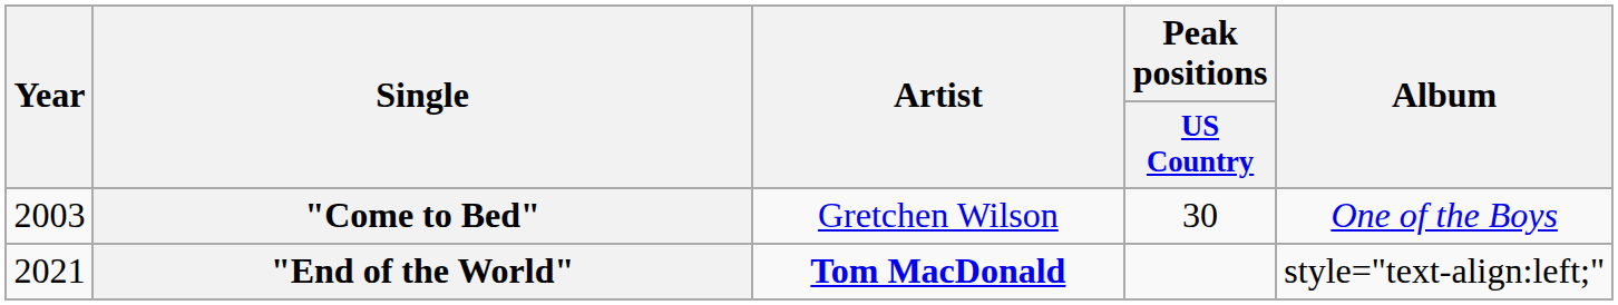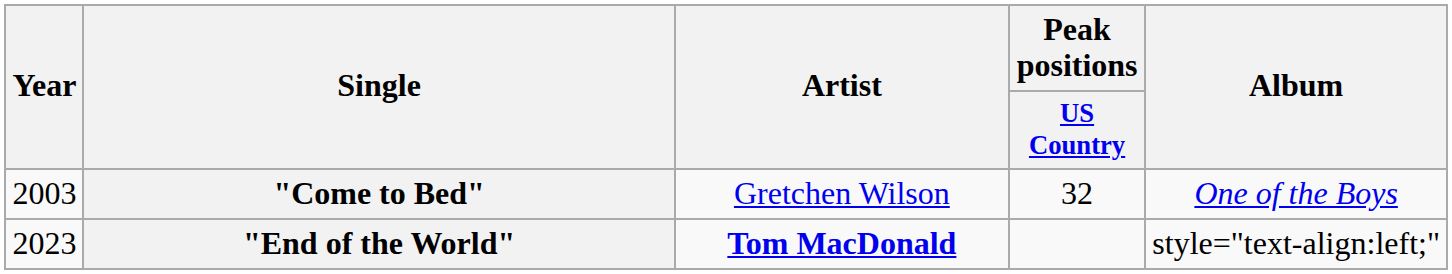 <table class="wikitable plainrowheaders" style="text-align:center;">
 <tr>
 <th rowspan="2">Year</th>
 <th rowspan="2" style="width:18em;">Single</th>
 <th rowspan="2" style="width:10em;">Artist</th>
 <th>Peak positions</th>
 <th rowspan="2">Album</th>
 </tr>
 <tr style="font-size:smaller;">
 <th style="width:40px;"><a href='#'>US Country</a></th>
 </tr>
 <tr>
 <td>2003</td>
 <th scope="row">"Come to Bed"</th>
 <td><a href='#'>Gretchen Wilson</a></td>
-<td>30</td>
+<td>32</td>
 <td><em><a href='#'>One of the Boys</a></em></td>
 </tr>
 <tr>
-<td>2021</td>
+<td>2023</td>
 <th scope="row">"End of the World"</th>
 <td><strong><a href='#'>Tom MacDonald</a></strong></td>
 <td></td>
 <td>style="text-align:left;" </td>
 </tr>
 </table>
